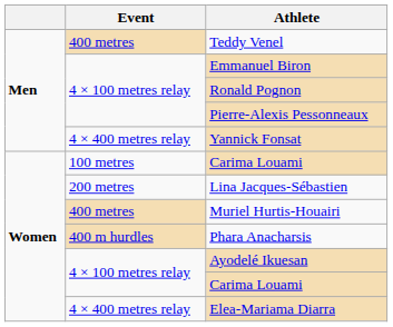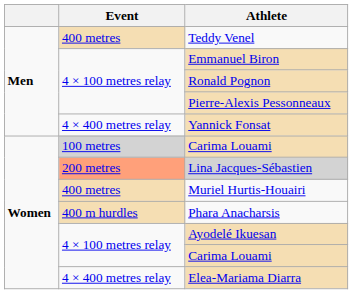 <table class=wikitable style="font-size:90%" width=60%>
 <tr>
 <th></th>
 <th>Event</th>
 <th>Athlete</th>
 </tr>
 <tr>
 <td rowspan=5><strong>Men</strong></td>
 <td bgcolor="wheat"><a href='#'>400 metres</a></td>
 <td><a href='#'>Teddy Venel</a></td>
 </tr>
 <tr>
 <td rowspan=3><a href='#'>4 × 100 metres relay</a></td>
 <td bgcolor="wheat"><a href='#'>Emmanuel Biron</a></td>
 </tr>
 <tr>
 <td bgcolor="wheat"><a href='#'>Ronald Pognon</a></td>
 </tr>
 <tr>
 <td bgcolor="wheat"><a href='#'>Pierre-Alexis Pessonneaux</a></td>
 </tr>
 <tr>
 <td><a href='#'>4 × 400 metres relay</a></td>
 <td bgcolor="wheat"><a href='#'>Yannick Fonsat</a></td>
 </tr>
 <tr>
 <td rowspan=7><strong>Women</strong></td>
-<td><a href='#'>100 metres</a></td>
+<td style="background: lightgrey;"><a href='#'>100 metres</a></td>
 <td bgcolor="wheat"><a href='#'>Carima Louami</a></td>
 </tr>
 <tr>
-<td><a href='#'>200 metres</a></td>
-<td><a href='#'>Lina Jacques-Sébastien</a></td>
+<td style="background: lightsalmon;"><a href='#'>200 metres</a></td>
+<td style="background: lightgrey;"><a href='#'>Lina Jacques-Sébastien</a></td>
 </tr>
 <tr>
 <td bgcolor="wheat"><a href='#'>400 metres</a></td>
 <td><a href='#'>Muriel Hurtis-Houairi</a></td>
 </tr>
 <tr>
 <td bgcolor="wheat"><a href='#'>400 m hurdles</a></td>
 <td><a href='#'>Phara Anacharsis</a></td>
 </tr>
 <tr>
 <td rowspan=2><a href='#'>4 × 100 metres relay</a></td>
 <td bgcolor="wheat"><a href='#'>Ayodelé Ikuesan</a></td>
 </tr>
 <tr>
 <td bgcolor="wheat"><a href='#'>Carima Louami</a></td>
 </tr>
 <tr>
 <td><a href='#'>4 × 400 metres relay</a></td>
 <td bgcolor="wheat"><a href='#'>Elea-Mariama Diarra</a></td>
 </tr>
 </table>
